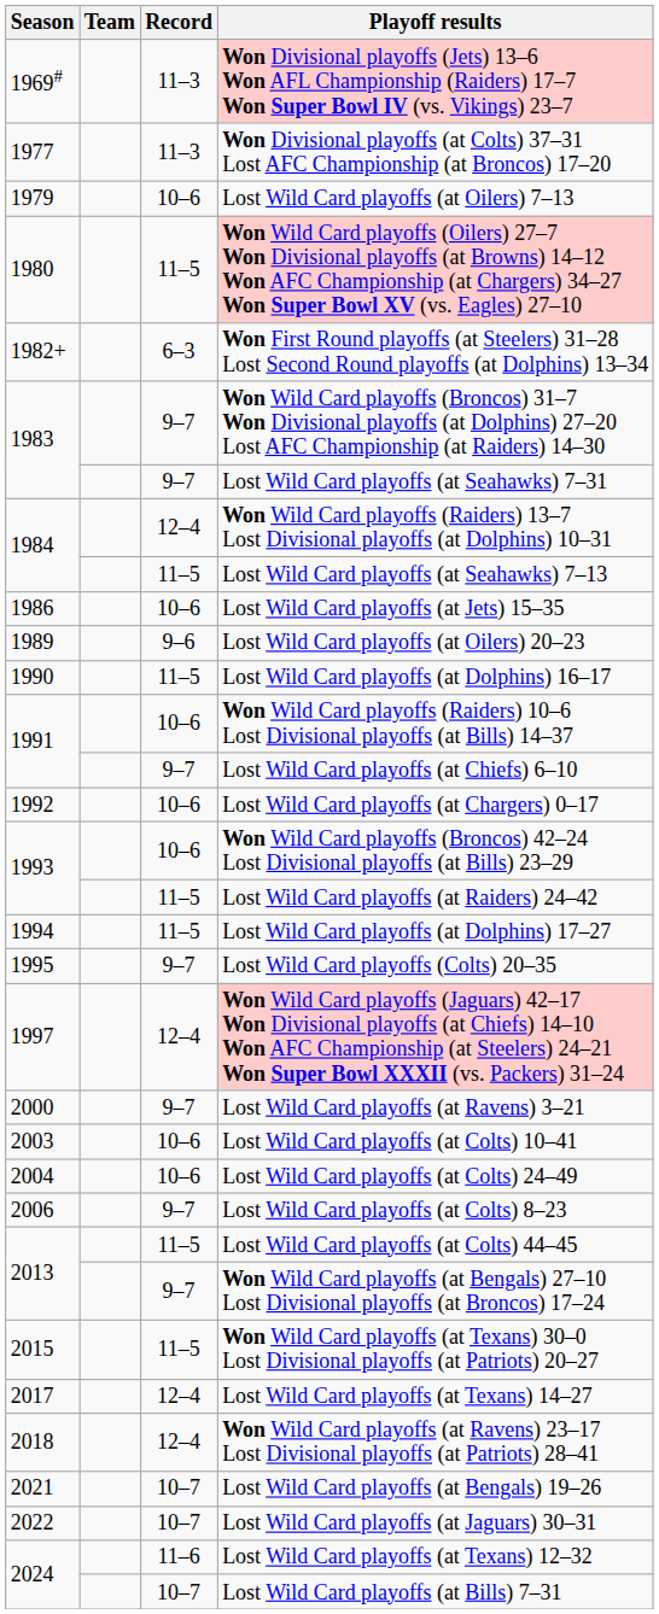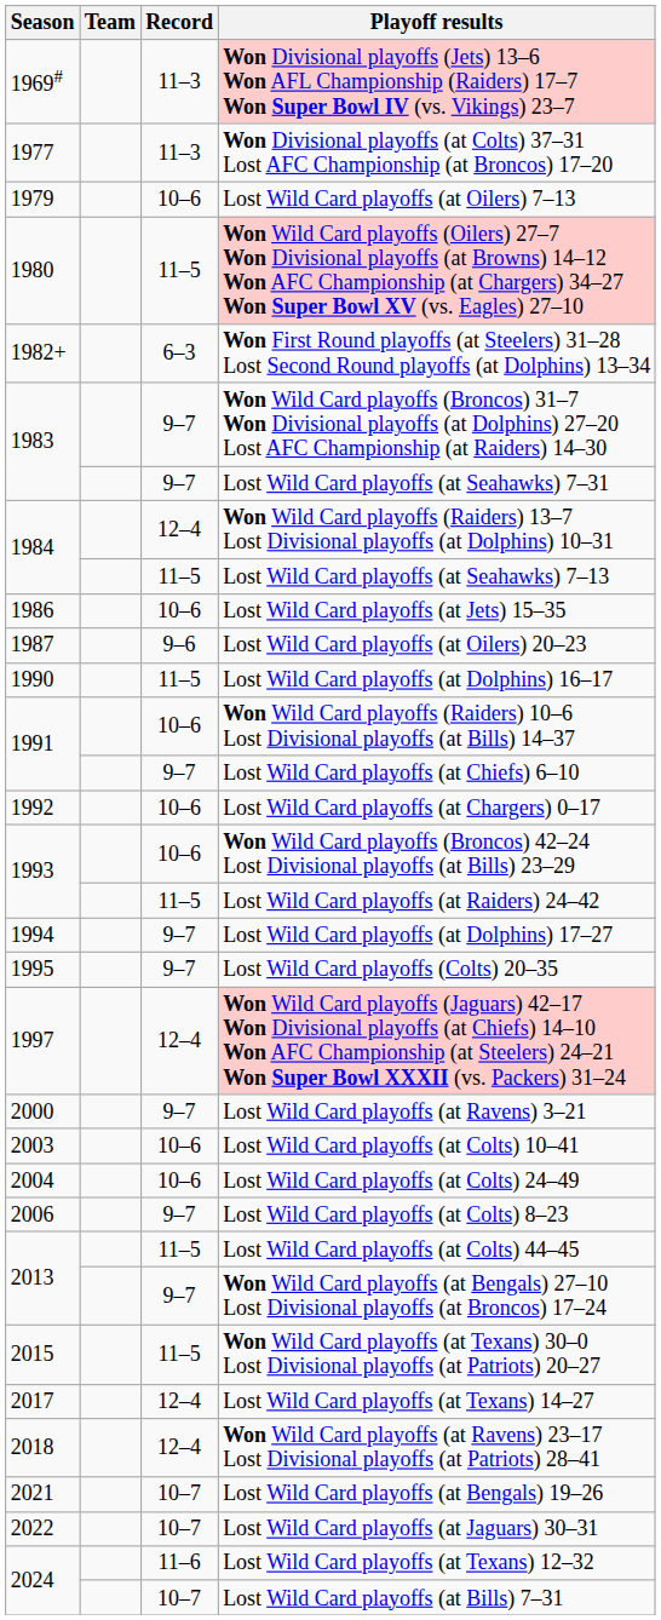 <table class="wikitable">
 <tr>
 <th>Season</th>
 <th>Team</th>
 <th>Record</th>
 <th>Playoff results</th>
 </tr>
 <tr>
 <td>1969<sup>#</sup></td>
 <td><strong><a href='#'></a></strong></td>
 <td align="center">11–3</td>
 <td style="background: #FFCCCC;" valign="top"><strong>Won</strong> <a href='#'>Divisional playoffs</a> (<a href='#'>Jets</a>) 13–6<br><strong>Won</strong> <a href='#'>AFL Championship</a> (<a href='#'>Raiders</a>) 17–7<br><strong>Won <a href='#'>Super Bowl IV</a></strong> (vs. <a href='#'>Vikings</a>) 23–7</td>
 </tr>
 <tr>
 <td>1977</td>
 <td><strong><a href='#'></a></strong></td>
 <td align="center">11–3</td>
 <td><strong>Won</strong> <a href='#'>Divisional playoffs</a> (at <a href='#'>Colts</a>) 37–31 <br>Lost <a href='#'>AFC Championship</a> (at <a href='#'>Broncos</a>) 17–20</td>
 </tr>
 <tr>
 <td>1979</td>
 <td><strong><a href='#'></a></strong></td>
 <td align="center">10–6</td>
 <td>Lost <a href='#'>Wild Card playoffs</a> (at <a href='#'>Oilers</a>) 7–13</td>
 </tr>
 <tr>
 <td>1980</td>
 <td><strong><a href='#'></a></strong></td>
 <td align="center">11–5</td>
 <td style="background: #FFCCCC;" valign="top"><strong>Won</strong> <a href='#'>Wild Card playoffs</a> (<a href='#'>Oilers</a>) 27–7<br><strong>Won</strong> <a href='#'>Divisional playoffs</a> (at <a href='#'>Browns</a>) 14–12<br><strong>Won</strong> <a href='#'>AFC Championship</a> (at <a href='#'>Chargers</a>) 34–27<br><strong>Won <a href='#'>Super Bowl XV</a></strong> (vs. <a href='#'>Eagles</a>) 27–10</td>
 </tr>
 <tr>
 <td>1982+</td>
 <td><strong><a href='#'></a></strong></td>
 <td align="center">6–3</td>
 <td><strong>Won</strong> <a href='#'>First Round playoffs</a> (at <a href='#'>Steelers</a>) 31–28<br>Lost <a href='#'>Second Round playoffs</a> (at <a href='#'>Dolphins</a>) 13–34</td>
 </tr>
 <tr>
 <td rowspan="2">1983</td>
 <td><strong><a href='#'></a></strong></td>
 <td align="center">9–7</td>
 <td><strong>Won</strong> <a href='#'>Wild Card playoffs</a> (<a href='#'>Broncos</a>) 31–7<br> <strong>Won</strong> <a href='#'>Divisional playoffs</a> (at <a href='#'>Dolphins</a>) 27–20<br> Lost <a href='#'>AFC Championship</a> (at <a href='#'>Raiders</a>) 14–30</td>
 </tr>
 <tr>
 <td><strong><a href='#'></a></strong></td>
 <td align="center">9–7</td>
 <td>Lost <a href='#'>Wild Card playoffs</a> (at <a href='#'>Seahawks</a>) 7–31</td>
 </tr>
 <tr>
 <td rowspan="2">1984</td>
 <td><strong><a href='#'></a></strong></td>
 <td align="center">12–4</td>
 <td><strong>Won</strong> <a href='#'>Wild Card playoffs</a> (<a href='#'>Raiders</a>) 13–7<br> Lost <a href='#'>Divisional playoffs</a> (at <a href='#'>Dolphins</a>) 10–31</td>
 </tr>
 <tr>
 <td><strong><a href='#'></a></strong></td>
 <td align="center">11–5</td>
 <td>Lost <a href='#'>Wild Card playoffs</a> (at <a href='#'>Seahawks</a>) 7–13</td>
 </tr>
 <tr>
 <td>1986</td>
 <td><strong><a href='#'></a></strong></td>
 <td align="center">10–6</td>
 <td>Lost <a href='#'>Wild Card playoffs</a> (at <a href='#'>Jets</a>) 15–35</td>
 </tr>
 <tr>
-<td>1989</td>
+<td>1987</td>
 <td><strong><a href='#'></a></strong></td>
 <td align="center">9–6</td>
 <td>Lost <a href='#'>Wild Card playoffs</a> (at <a href='#'>Oilers</a>) 20–23 </td>
 </tr>
 <tr>
 <td>1990</td>
 <td><strong><a href='#'></a></strong></td>
 <td align="center">11–5</td>
 <td>Lost <a href='#'>Wild Card playoffs</a> (at <a href='#'>Dolphins</a>) 16–17</td>
 </tr>
 <tr>
 <td rowspan="2">1991</td>
 <td><strong><a href='#'></a></strong></td>
 <td align="center">10–6</td>
 <td><strong>Won</strong> <a href='#'>Wild Card playoffs</a> (<a href='#'>Raiders</a>) 10–6<br>Lost <a href='#'>Divisional playoffs</a> (at <a href='#'>Bills</a>) 14–37</td>
 </tr>
 <tr>
 <td><strong><a href='#'></a></strong></td>
 <td align="center">9–7</td>
 <td>Lost <a href='#'>Wild Card playoffs</a> (at <a href='#'>Chiefs</a>) 6–10</td>
 </tr>
 <tr>
 <td>1992</td>
 <td><strong><a href='#'></a></strong></td>
 <td align="center">10–6</td>
 <td>Lost <a href='#'>Wild Card playoffs</a> (at <a href='#'>Chargers</a>) 0–17</td>
 </tr>
 <tr>
 <td rowspan="2">1993</td>
 <td><strong><a href='#'></a></strong></td>
 <td align="center">10–6</td>
 <td><strong>Won</strong> <a href='#'>Wild Card playoffs</a> (<a href='#'>Broncos</a>) 42–24<br>Lost <a href='#'>Divisional playoffs</a> (at <a href='#'>Bills</a>) 23–29</td>
 </tr>
 <tr>
 <td><strong><a href='#'></a></strong></td>
 <td align="center">11–5</td>
 <td>Lost <a href='#'>Wild Card playoffs</a> (at <a href='#'>Raiders</a>) 24–42</td>
 </tr>
 <tr>
 <td>1994</td>
 <td><strong><a href='#'></a></strong></td>
-<td align="center">11–5</td>
+<td align="center">9–7</td>
 <td>Lost <a href='#'>Wild Card playoffs</a> (at <a href='#'>Dolphins</a>) 17–27</td>
 </tr>
 <tr>
 <td>1995</td>
 <td><strong><a href='#'></a></strong></td>
 <td align="center">9–7</td>
 <td>Lost <a href='#'>Wild Card playoffs</a> (<a href='#'>Colts</a>) 20–35</td>
 </tr>
 <tr>
 <td>1997</td>
 <td><strong><a href='#'></a></strong></td>
 <td align="center">12–4</td>
 <td style="background: #FFCCCC;" valign="top"><strong>Won</strong> <a href='#'>Wild Card playoffs</a> (<a href='#'>Jaguars</a>) 42–17<br><strong>Won</strong> <a href='#'>Divisional playoffs</a> (at <a href='#'>Chiefs</a>) 14–10<br><strong>Won</strong> <a href='#'>AFC Championship</a> (at <a href='#'>Steelers</a>) 24–21<br><strong>Won <a href='#'>Super Bowl XXXII</a></strong> (vs. <a href='#'>Packers</a>) 31–24</td>
 </tr>
 <tr>
 <td>2000</td>
 <td><strong><a href='#'></a></strong></td>
 <td align="center">9–7</td>
 <td>Lost <a href='#'>Wild Card playoffs</a> (at <a href='#'>Ravens</a>) 3–21</td>
 </tr>
 <tr>
 <td>2003</td>
 <td><strong><a href='#'></a></strong></td>
 <td align="center">10–6</td>
 <td>Lost <a href='#'>Wild Card playoffs</a> (at <a href='#'>Colts</a>) 10–41</td>
 </tr>
 <tr>
 <td>2004</td>
 <td><strong><a href='#'></a></strong></td>
 <td align="center">10–6</td>
 <td>Lost <a href='#'>Wild Card playoffs</a> (at <a href='#'>Colts</a>) 24–49</td>
 </tr>
 <tr>
 <td>2006</td>
 <td><strong><a href='#'></a></strong></td>
 <td align="center">9–7</td>
 <td>Lost <a href='#'>Wild Card playoffs</a> (at <a href='#'>Colts</a>) 8–23</td>
 </tr>
 <tr>
 <td rowspan="2">2013</td>
 <td><strong><a href='#'></a></strong></td>
 <td align="center">11–5</td>
 <td>Lost <a href='#'>Wild Card playoffs</a> (at <a href='#'>Colts</a>) 44–45</td>
 </tr>
 <tr>
 <td><strong><a href='#'></a></strong></td>
 <td align="center">9–7</td>
 <td><strong>Won</strong> <a href='#'>Wild Card playoffs</a> (at <a href='#'>Bengals</a>) 27–10<br>Lost <a href='#'>Divisional playoffs</a> (at <a href='#'>Broncos</a>) 17–24</td>
 </tr>
 <tr>
 <td>2015</td>
 <td><strong><a href='#'></a></strong></td>
 <td align="center">11–5</td>
 <td><strong>Won</strong> <a href='#'>Wild Card playoffs</a> (at <a href='#'>Texans</a>) 30–0<br>Lost <a href='#'>Divisional playoffs</a> (at <a href='#'>Patriots</a>) 20–27</td>
 </tr>
 <tr>
 <td>2017</td>
 <td><strong><a href='#'></a></strong></td>
 <td align="center">12–4</td>
 <td>Lost <a href='#'>Wild Card playoffs</a> (at <a href='#'>Texans</a>) 14–27</td>
 </tr>
 <tr>
 <td>2018</td>
 <td><strong><a href='#'></a></strong></td>
 <td align="center">12–4</td>
 <td><strong>Won</strong> <a href='#'>Wild Card playoffs</a> (at <a href='#'>Ravens</a>) 23–17<br>Lost <a href='#'>Divisional playoffs</a> (at <a href='#'>Patriots</a>) 28–41</td>
 </tr>
 <tr>
 <td>2021</td>
 <td><strong><a href='#'></a></strong></td>
 <td align="center">10–7</td>
 <td>Lost <a href='#'>Wild Card playoffs</a> (at <a href='#'>Bengals</a>) 19–26</td>
 </tr>
 <tr>
 <td>2022</td>
 <td><strong><a href='#'></a></strong></td>
 <td align="center">10–7</td>
 <td>Lost <a href='#'>Wild Card playoffs</a> (at <a href='#'>Jaguars</a>) 30–31</td>
 </tr>
 <tr>
 <td rowspan="2">2024</td>
 <td><strong><a href='#'></a></strong></td>
 <td align="center">11–6</td>
 <td>Lost <a href='#'>Wild Card playoffs</a> (at <a href='#'>Texans</a>) 12–32</td>
 </tr>
 <tr>
 <td><strong><a href='#'></a></strong></td>
 <td align="center">10–7</td>
 <td>Lost <a href='#'>Wild Card playoffs</a> (at <a href='#'>Bills</a>) 7–31</td>
 </tr>
 </table>
